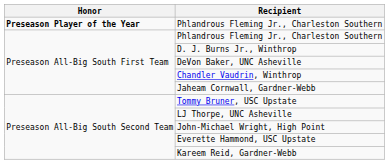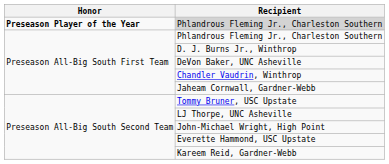 <table class="wikitable" border="1">
 <tr>
 <th>Honor</th>
 <th>Recipient</th>
 </tr>
 <tr>
 <td><strong>Preseason Player of the Year</strong></td>
-<td>Phlandrous Fleming Jr., Charleston Southern</td>
+<td style="background: lightgrey;">Phlandrous Fleming Jr., Charleston Southern</td>
 </tr>
 <tr>
 <td rowspan=5 valign=middle>Preseason All-Big South First Team</td>
 <td>Phlandrous Fleming Jr., Charleston Southern</td>
 </tr>
 <tr>
 <td>D. J. Burns Jr., Winthrop</td>
 </tr>
 <tr>
 <td>DeVon Baker, UNC Asheville</td>
 </tr>
 <tr>
 <td><a href='#'>Chandler Vaudrin</a>, Winthrop</td>
 </tr>
 <tr>
 <td>Jaheam Cornwall, Gardner-Webb</td>
 </tr>
 <tr>
 <td rowspan=6 valign=middle>Preseason All-Big South Second Team</td>
 <td><a href='#'>Tommy Bruner</a>, USC Upstate</td>
 </tr>
 <tr>
 <td>LJ Thorpe, UNC Asheville</td>
 </tr>
 <tr>
 <td>John-Michael Wright, High Point</td>
 </tr>
 <tr>
 <td>Everette Hammond, USC Upstate</td>
 </tr>
 <tr>
 <td>Kareem Reid, Gardner-Webb</td>
 </tr>
 </table>
